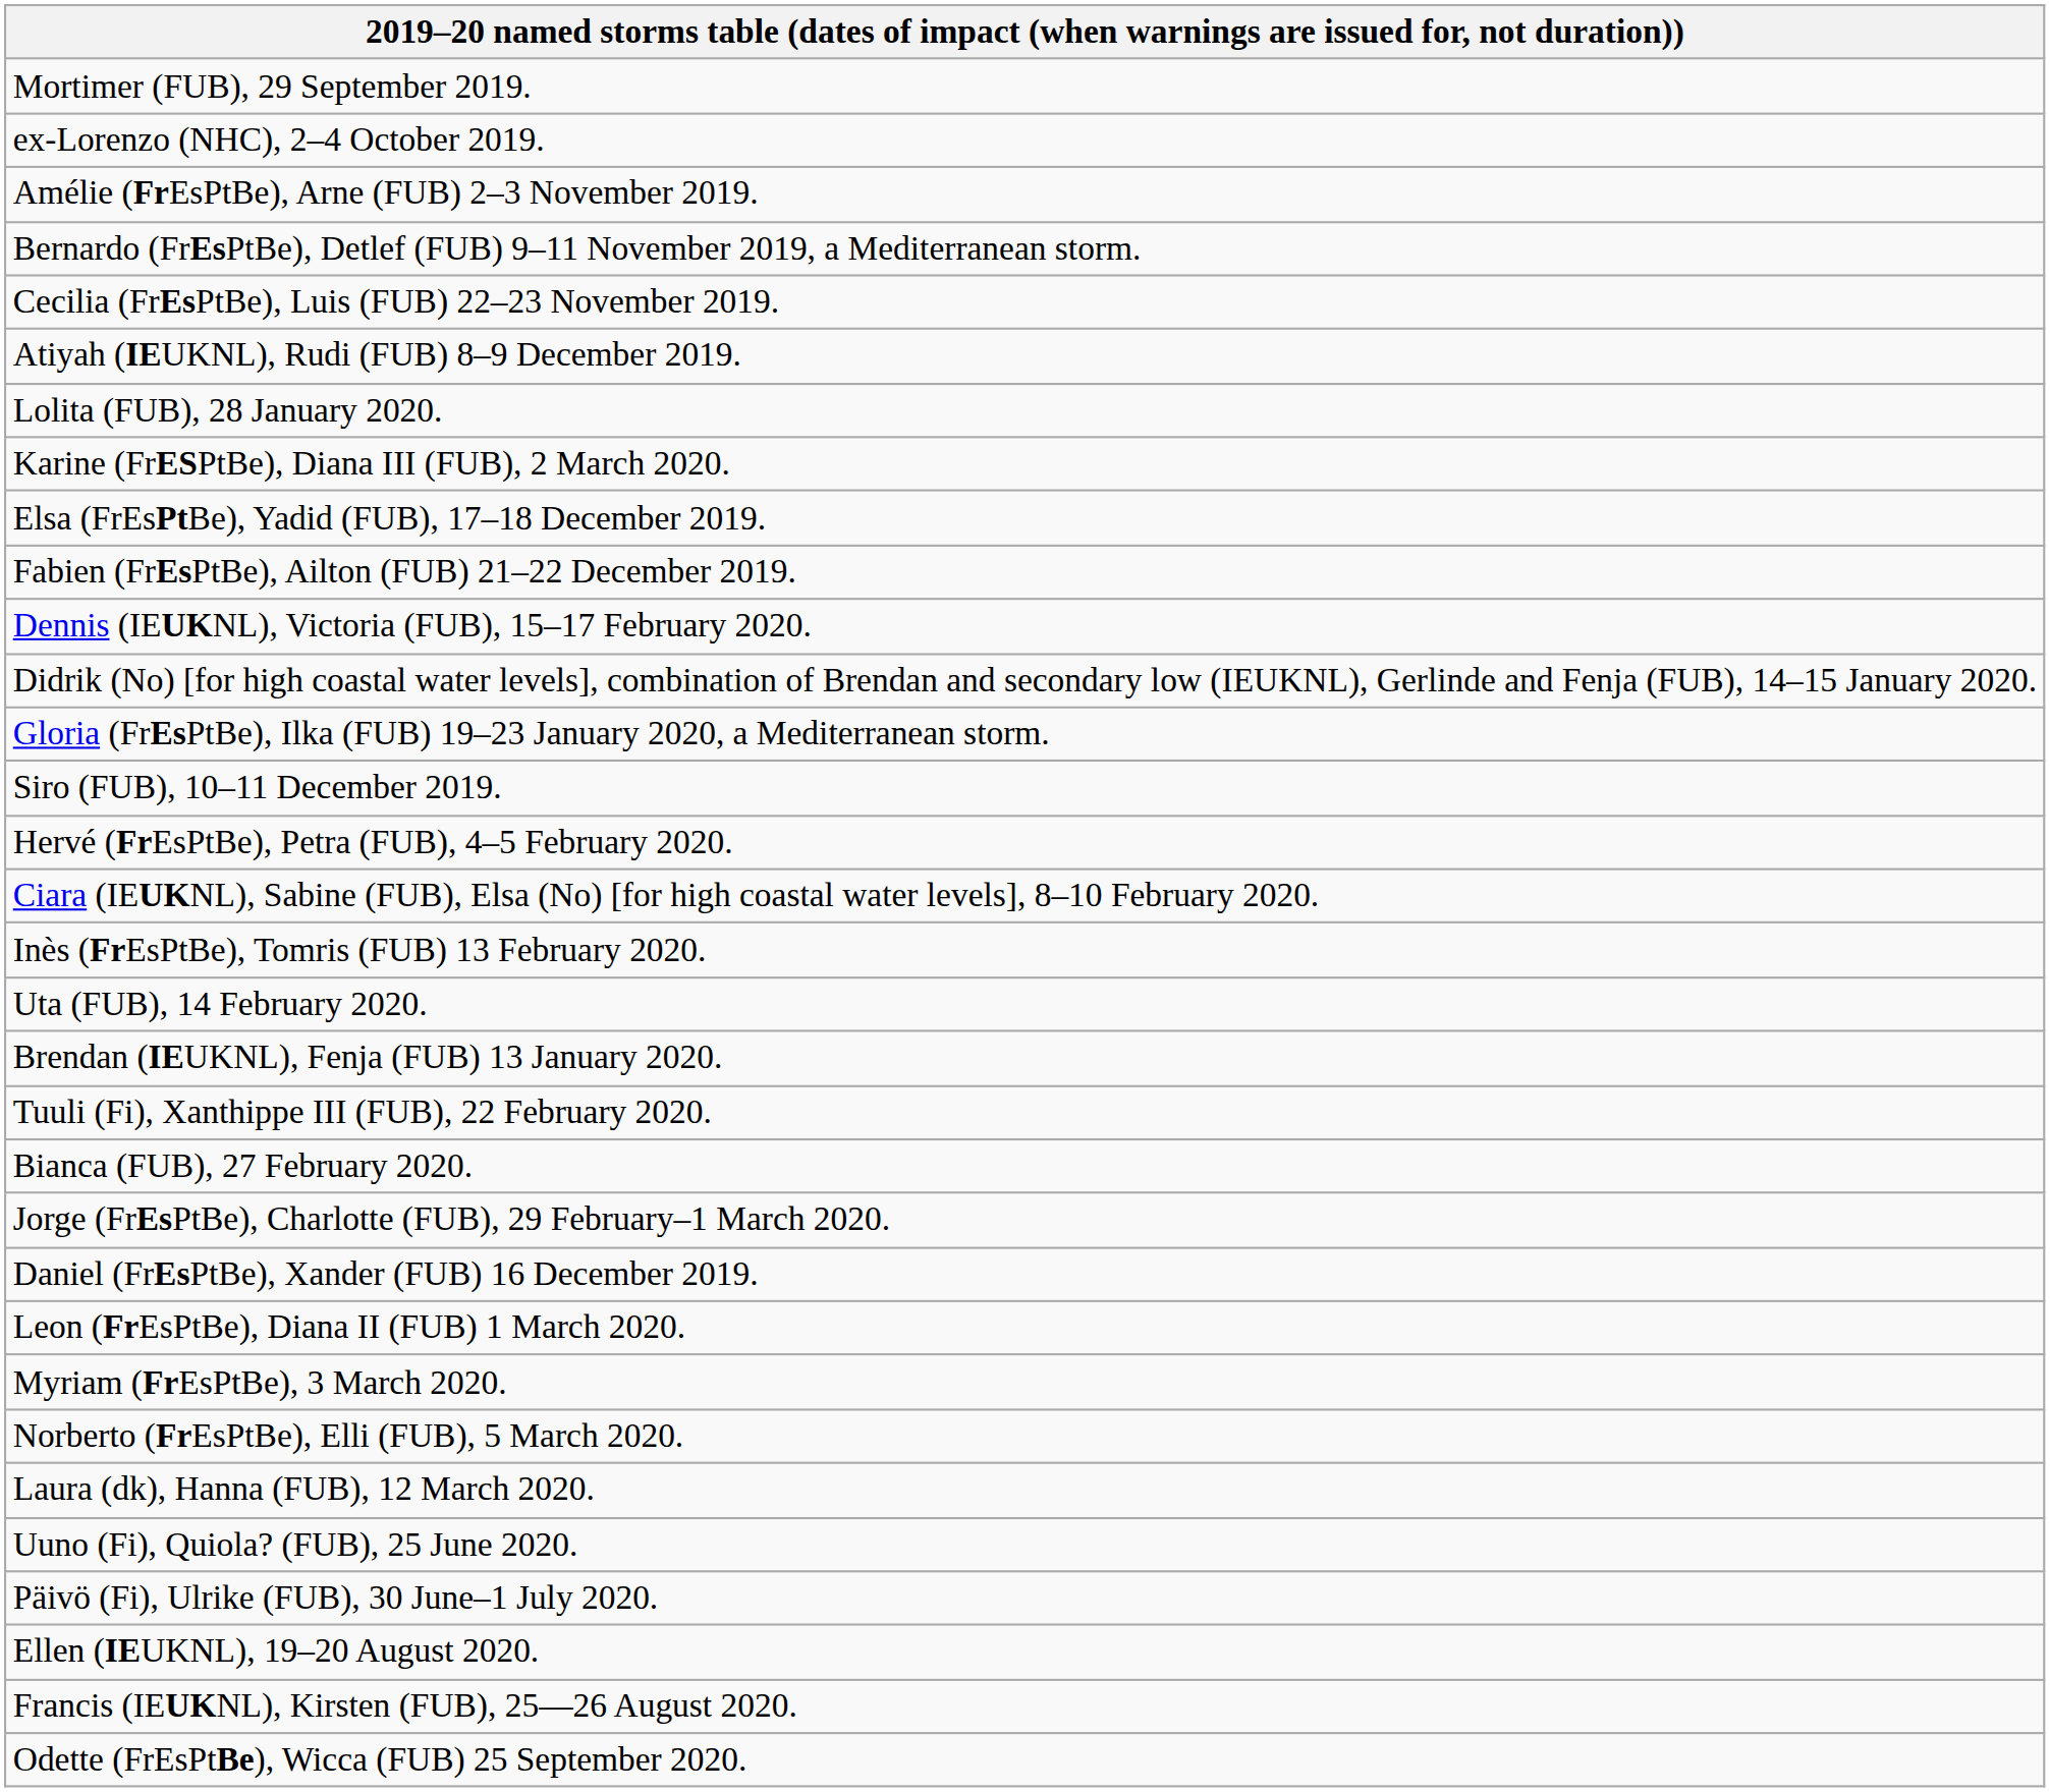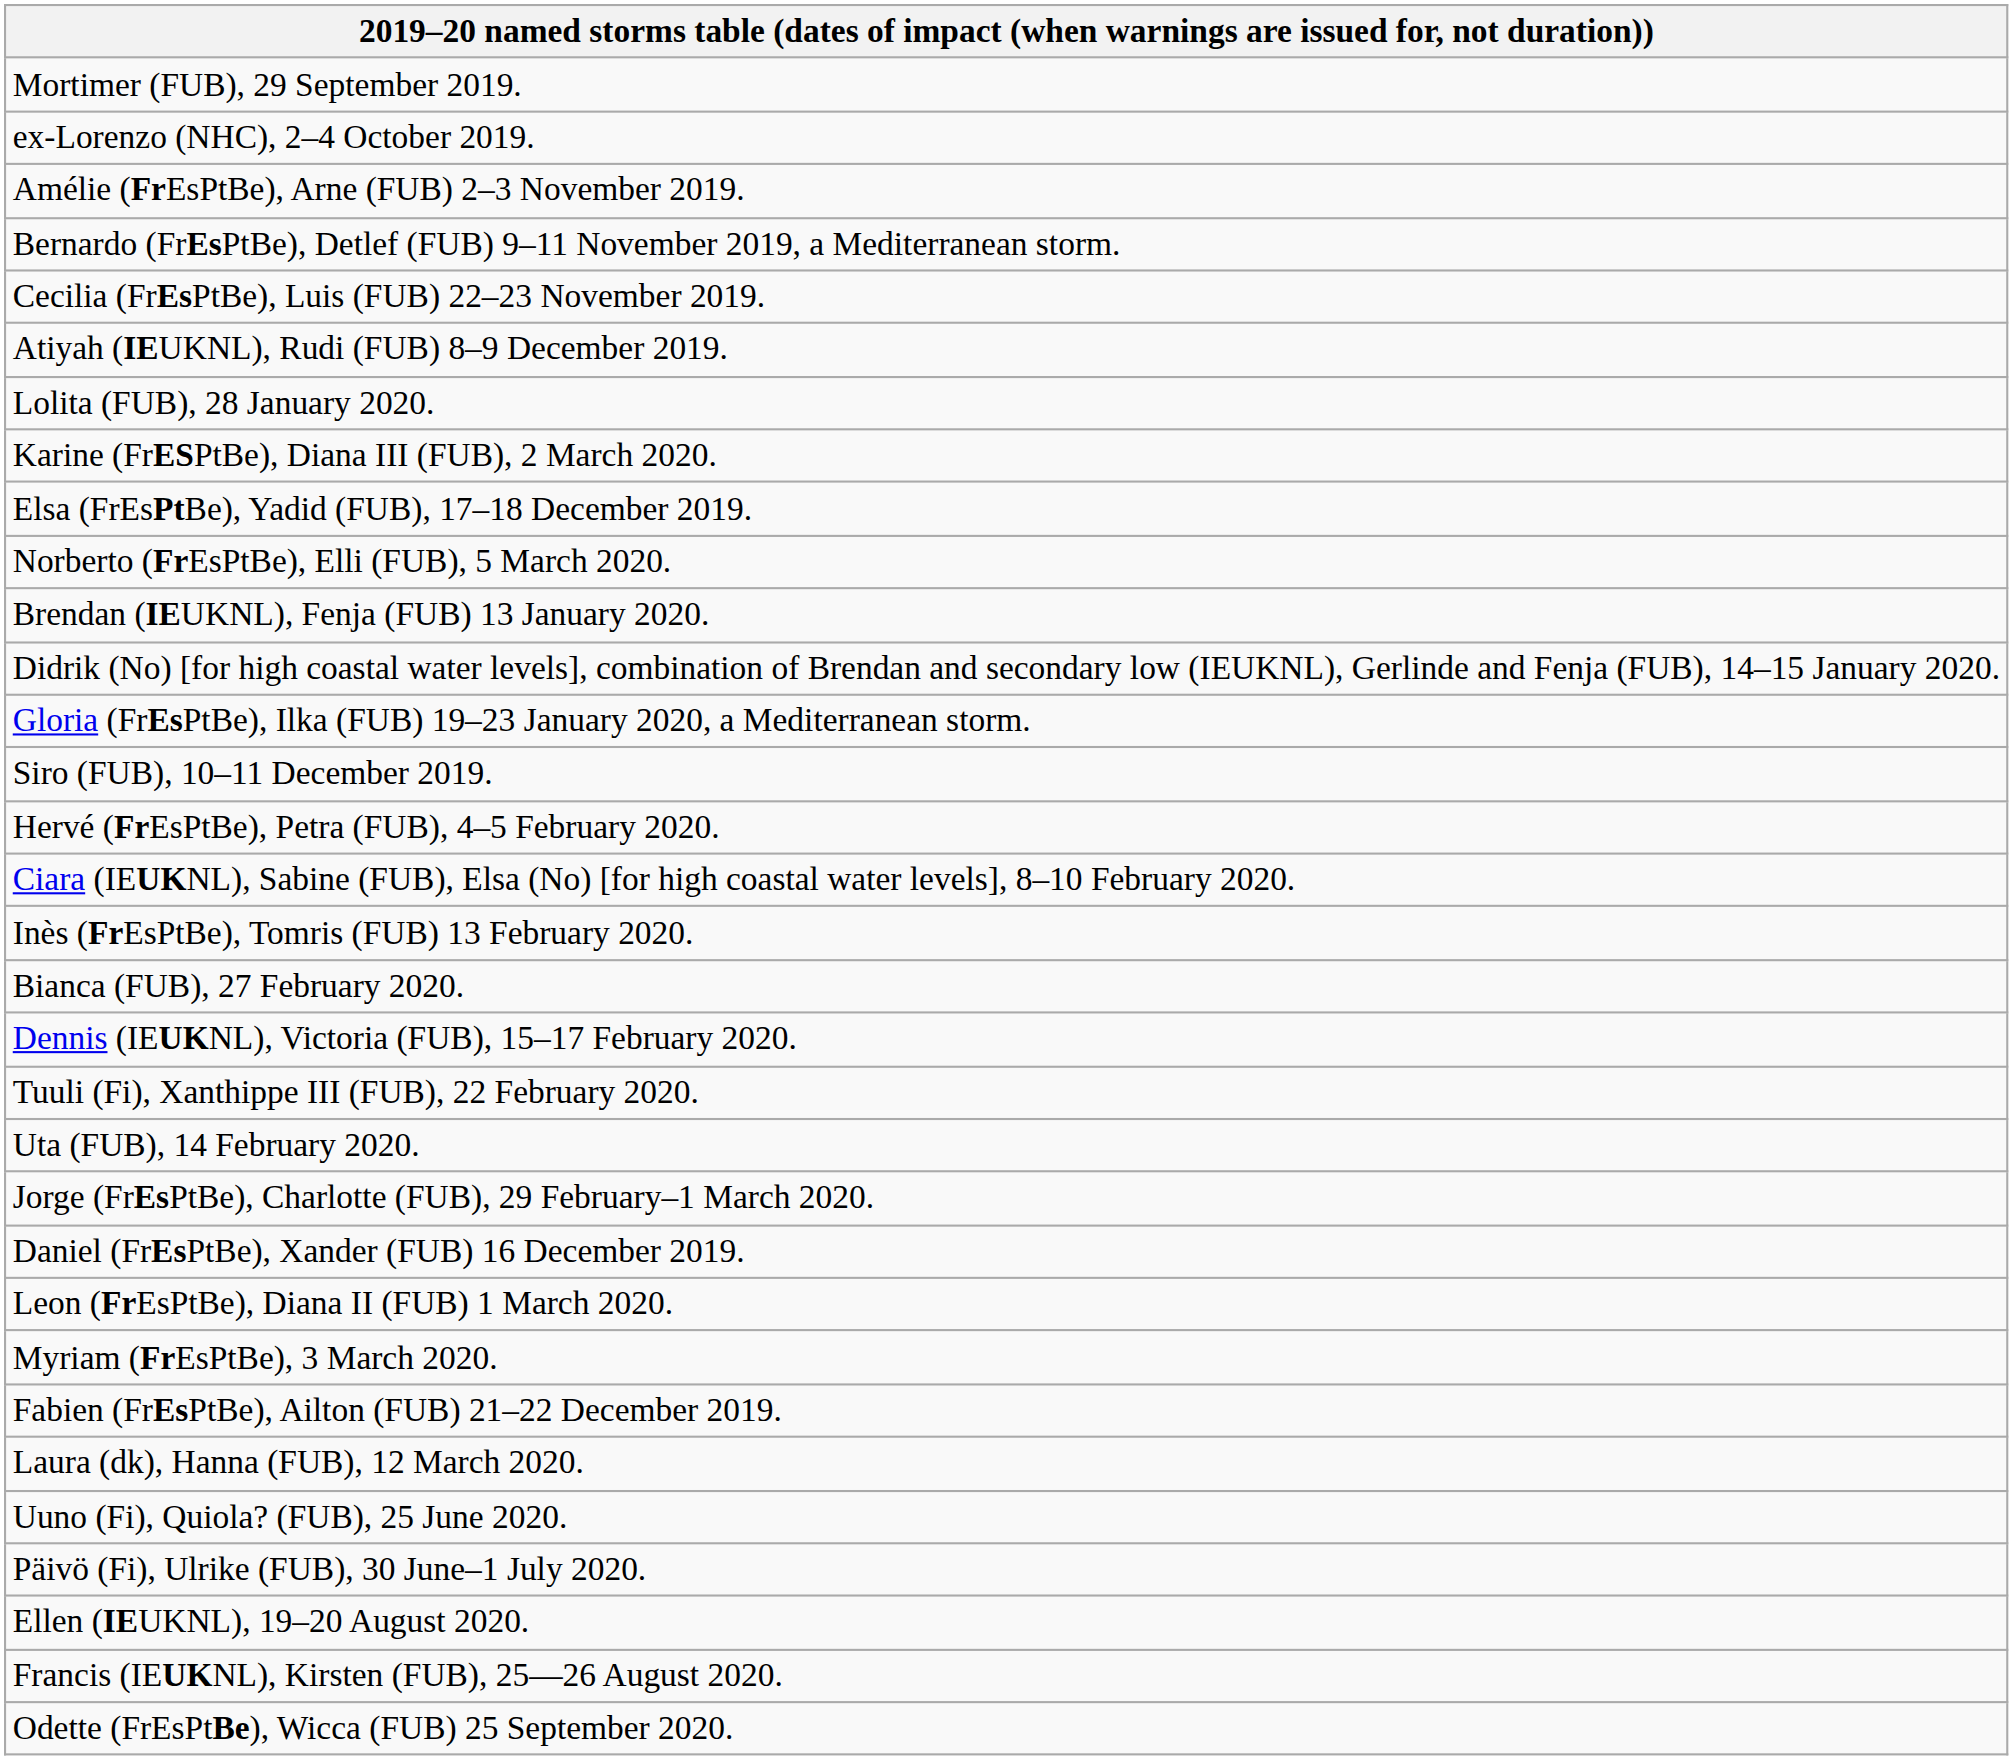 <table class="wikitable sortable">
 <tr>
 <th>2019–20 named storms table (dates of impact (when warnings are issued for, not duration))</th>
 </tr>
 <tr>
 <td>Mortimer (FUB), 29 September 2019.</td>
 </tr>
 <tr>
 <td>ex-Lorenzo (NHC), 2–4 October 2019.</td>
 </tr>
 <tr>
 <td>Amélie (<strong>Fr</strong>EsPtBe), Arne (FUB) 2–3 November 2019.</td>
 </tr>
 <tr>
 <td>Bernardo (Fr<strong>Es</strong>PtBe), Detlef (FUB) 9–11 November 2019, a Mediterranean storm.</td>
 </tr>
 <tr>
 <td>Cecilia (Fr<strong>Es</strong>PtBe), Luis (FUB) 22–23 November 2019.</td>
 </tr>
 <tr>
 <td>Atiyah (<strong>IE</strong>UKNL), Rudi (FUB) 8–9 December 2019.</td>
 </tr>
 <tr>
 <td>Lolita (FUB), 28 January 2020.</td>
 </tr>
 <tr>
 <td>Karine (Fr<strong>ES</strong>PtBe), Diana III (FUB), 2 March 2020.</td>
 </tr>
 <tr>
 <td>Elsa (FrEs<strong>Pt</strong>Be), Yadid (FUB), 17–18 December 2019.</td>
 </tr>
 <tr>
-<td>Fabien (Fr<strong>Es</strong>PtBe), Ailton (FUB) 21–22 December 2019.</td>
+<td>Norberto (<strong>Fr</strong>EsPtBe), Elli (FUB), 5 March 2020.</td>
 </tr>
 <tr>
-<td><a href='#'>Dennis</a> (IE<strong>UK</strong>NL), Victoria (FUB), 15–17 February 2020.</td>
+<td>Brendan (<strong>IE</strong>UKNL), Fenja (FUB) 13 January 2020.</td>
 </tr>
 <tr>
 <td>Didrik (No) [for high coastal water levels], combination of Brendan and secondary low (IEUKNL), Gerlinde and Fenja (FUB), 14–15 January 2020.</td>
 </tr>
 <tr>
 <td><a href='#'>Gloria</a> (Fr<strong>Es</strong>PtBe), Ilka (FUB) 19–23 January 2020, a Mediterranean storm.</td>
 </tr>
 <tr>
 <td>Siro (FUB), 10–11 December 2019.</td>
 </tr>
 <tr>
 <td>Hervé (<strong>Fr</strong>EsPtBe), Petra (FUB), 4–5 February 2020.</td>
 </tr>
 <tr>
 <td><a href='#'>Ciara</a> (IE<strong>UK</strong>NL), Sabine (FUB), Elsa (No) [for high coastal water levels], 8–10 February 2020.</td>
 </tr>
 <tr>
 <td>Inès (<strong>Fr</strong>EsPtBe), Tomris (FUB) 13 February 2020.</td>
 </tr>
 <tr>
-<td>Uta (FUB), 14 February 2020.</td>
+<td>Bianca (FUB), 27 February 2020.</td>
 </tr>
 <tr>
-<td>Brendan (<strong>IE</strong>UKNL), Fenja (FUB) 13 January 2020.</td>
+<td><a href='#'>Dennis</a> (IE<strong>UK</strong>NL), Victoria (FUB), 15–17 February 2020.</td>
 </tr>
 <tr>
 <td>Tuuli (Fi), Xanthippe III (FUB), 22 February 2020.</td>
 </tr>
 <tr>
-<td>Bianca (FUB), 27 February 2020.</td>
+<td>Uta (FUB), 14 February 2020.</td>
 </tr>
 <tr>
 <td>Jorge (Fr<strong>Es</strong>PtBe), Charlotte (FUB), 29 February–1 March 2020.</td>
 </tr>
 <tr>
 <td>Daniel (Fr<strong>Es</strong>PtBe), Xander (FUB) 16 December 2019.</td>
 </tr>
 <tr>
 <td>Leon (<strong>Fr</strong>EsPtBe), Diana II (FUB) 1 March 2020.</td>
 </tr>
 <tr>
 <td>Myriam (<strong>Fr</strong>EsPtBe), 3 March 2020.</td>
 </tr>
 <tr>
-<td>Norberto (<strong>Fr</strong>EsPtBe), Elli (FUB), 5 March 2020.</td>
+<td>Fabien (Fr<strong>Es</strong>PtBe), Ailton (FUB) 21–22 December 2019.</td>
 </tr>
 <tr>
 <td>Laura (dk), Hanna (FUB), 12 March 2020.</td>
 </tr>
 <tr>
 <td>Uuno (Fi), Quiola? (FUB), 25 June 2020.</td>
 </tr>
 <tr>
 <td>Päivö (Fi), Ulrike (FUB), 30 June–1 July 2020.</td>
 </tr>
 <tr>
 <td>Ellen (<strong>IE</strong>UKNL), 19–20 August 2020.</td>
 </tr>
 <tr>
 <td>Francis (IE<strong>UK</strong>NL), Kirsten (FUB), 25—26 August 2020.</td>
 </tr>
 <tr>
 <td>Odette (FrEsPt<strong>Be</strong>), Wicca (FUB) 25 September 2020.</td>
 </tr>
 </table>
